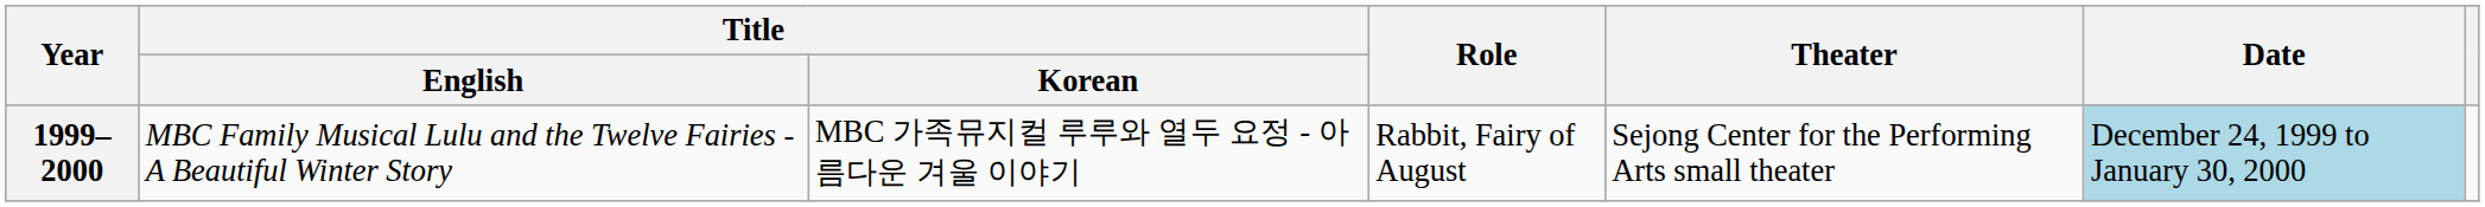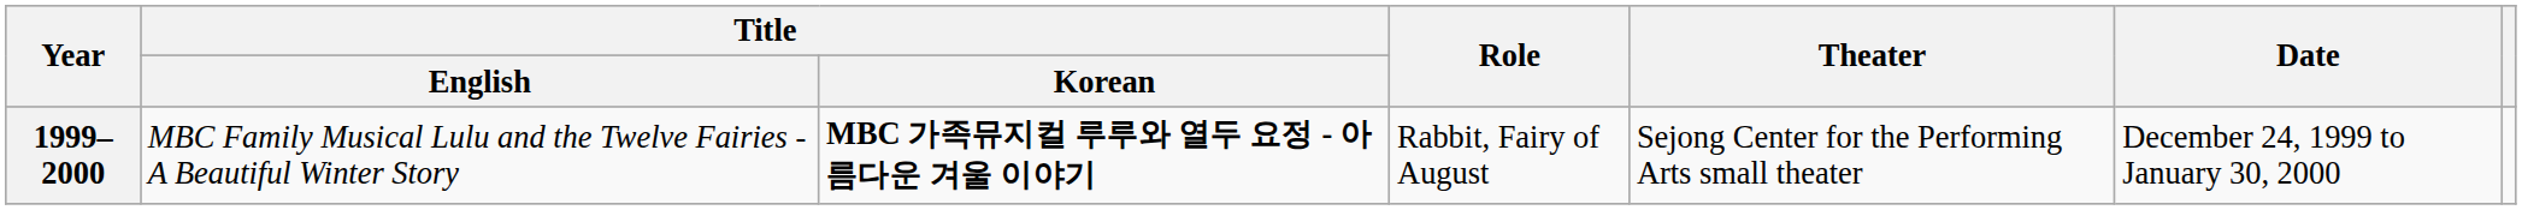 <table class="wikitable plainrowheaders" style="text-align:left; font-size:100%; padding:0 auto; width:100%; margin:auto">
 <tr>
 <th rowspan="2" scope="col">Year</th>
 <th colspan="2" scope="col">Title</th>
 <th rowspan="2" scope="col">Role</th>
 <th rowspan="2" scope="col">Theater</th>
 <th rowspan="2" scope="col">Date</th>
 <th rowspan="2" scope="col" class="unsortable"></th>
 </tr>
 <tr>
 <th>English</th>
 <th>Korean</th>
 </tr>
 <tr>
 <th scope="row">1999–2000</th>
 <td><em>MBC Family Musical Lulu and the Twelve Fairies - A Beautiful Winter Story</em></td>
-<td>MBC 가족뮤지컬 루루와 열두 요정 - 아름다운 겨울 이야기</td>
+<td><strong>MBC 가족뮤지컬 루루와 열두 요정 - 아름다운 겨울 이야기</strong></td>
 <td>Rabbit, Fairy of August</td>
 <td>Sejong Center for the Performing Arts small theater</td>
-<td style="background: lightblue;">December 24, 1999 to January 30, 2000</td>
+<td>December 24, 1999 to January 30, 2000</td>
 <td></td>
 </tr>
 </table>
